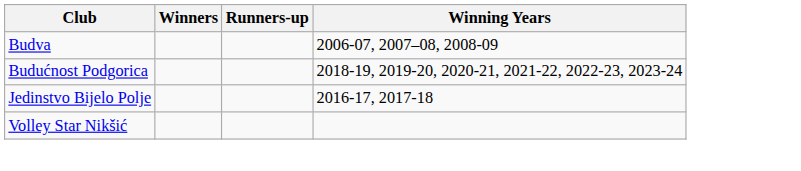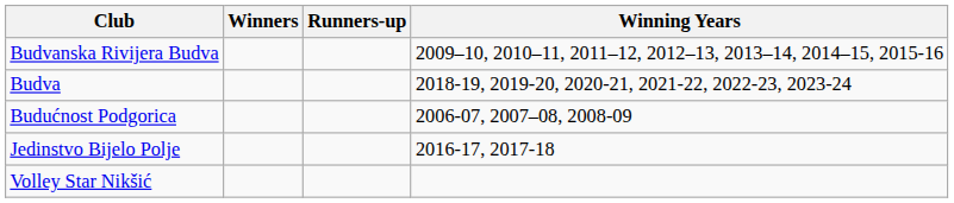 <table class="wikitable" style="font-size:90%">
 <tr>
 <th>Club</th>
 <th>Winners</th>
 <th>Runners-up</th>
 <th>Winning Years</th>
 </tr>
 <tr>
+<td><a href='#'>Budvanska Rivijera Budva</a></td>
+<td></td>
+<td></td>
+<td>2009–10, 2010–11, 2011–12, 2012–13, 2013–14, 2014–15, 2015-16</td>
+</tr>
+<tr>
 <td><a href='#'>Budva</a></td>
 <td></td>
 <td></td>
-<td>2006-07, 2007–08, 2008-09</td>
+<td>2018-19, 2019-20, 2020-21, 2021-22, 2022-23, 2023-24</td>
 </tr>
 <tr>
 <td><a href='#'>Budućnost Podgorica</a></td>
 <td></td>
 <td></td>
-<td>2018-19, 2019-20, 2020-21, 2021-22, 2022-23, 2023-24</td>
+<td>2006-07, 2007–08, 2008-09</td>
 </tr>
 <tr>
 <td><a href='#'>Jedinstvo Bijelo Polje</a></td>
 <td></td>
 <td></td>
 <td>2016-17, 2017-18</td>
 </tr>
 <tr>
 <td><a href='#'>Volley Star Nikšić</a></td>
 <td></td>
 <td></td>
 <td></td>
 </tr>
 </table>
